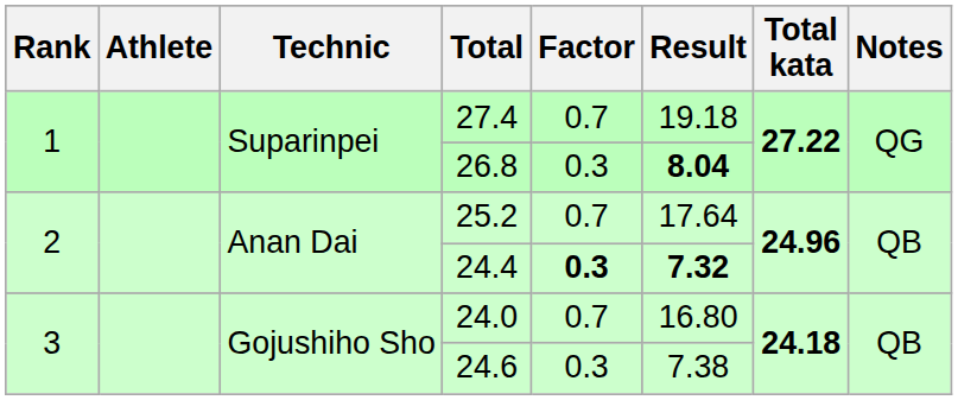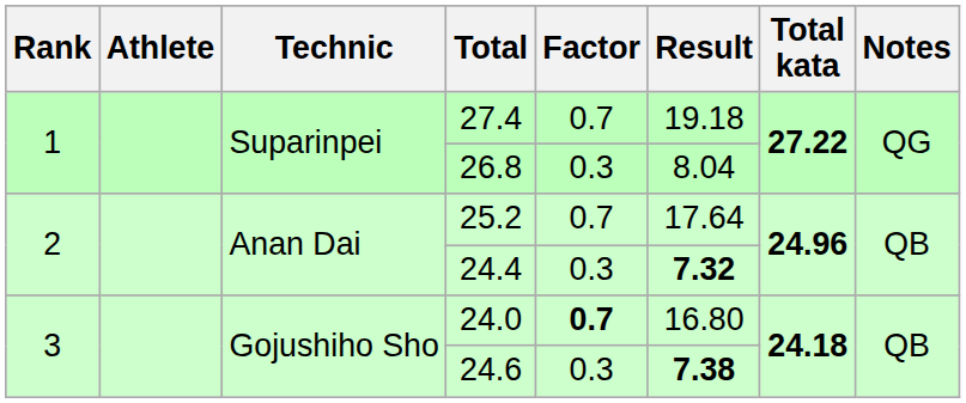 <table class="wikitable" style="text-align:center">
 <tr>
 <th>Rank</th>
 <th>Athlete</th>
 <th>Technic</th>
 <th>Total</th>
 <th>Factor</th>
 <th>Result</th>
 <th>Total<br>kata</th>
 <th>Notes</th>
 </tr>
 <tr bgcolor=bbffbb>
 <td rowspan=2>1</td>
 <td rowspan=2 align=left></td>
 <td rowspan=2 align=left>Suparinpei</td>
 <td>27.4</td>
 <td>0.7</td>
 <td>19.18</td>
 <td rowspan=2><strong>27.22</strong></td>
 <td rowspan=2>QG</td>
 </tr>
 <tr bgcolor=bbffbb>
 <td>26.8</td>
 <td>0.3</td>
-<td><strong>8.04</strong></td>
+<td>8.04</td>
 </tr>
 <tr bgcolor=ccffcc>
 <td rowspan=2>2</td>
 <td rowspan=2 align=left></td>
 <td rowspan=2 align=left>Anan Dai</td>
 <td>25.2</td>
 <td>0.7</td>
 <td>17.64</td>
 <td rowspan=2><strong>24.96</strong></td>
 <td rowspan=2>QB</td>
 </tr>
 <tr bgcolor=ccffcc>
 <td>24.4</td>
-<td><strong>0.3</strong></td>
+<td>0.3</td>
 <td><strong>7.32</strong></td>
 </tr>
 <tr bgcolor=ccffcc>
 <td rowspan=2>3</td>
 <td rowspan=2 align=left></td>
 <td rowspan=2 align=left>Gojushiho Sho</td>
 <td>24.0</td>
-<td>0.7</td>
+<td><strong>0.7</strong></td>
 <td>16.80</td>
 <td rowspan=2><strong>24.18</strong></td>
 <td rowspan=2>QB</td>
 </tr>
 <tr bgcolor=ccffcc>
 <td>24.6</td>
 <td>0.3</td>
-<td>7.38</td>
+<td><strong>7.38</strong></td>
 </tr>
 </table>
